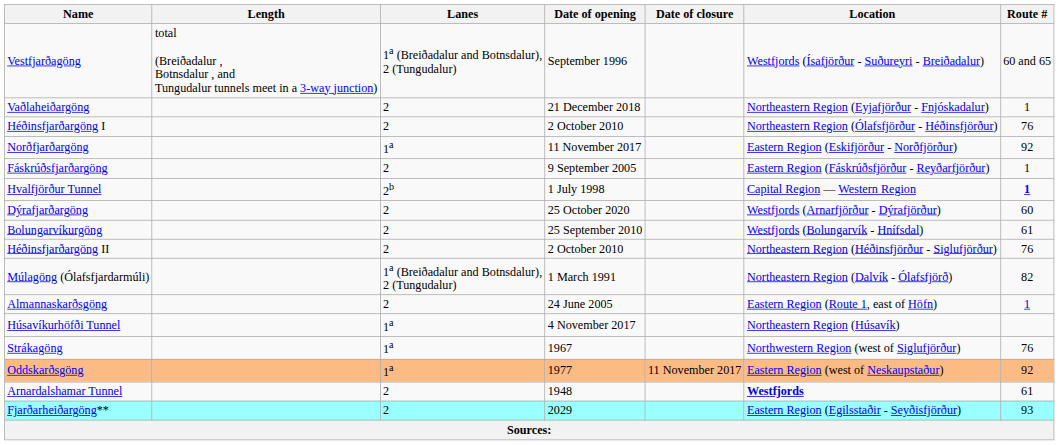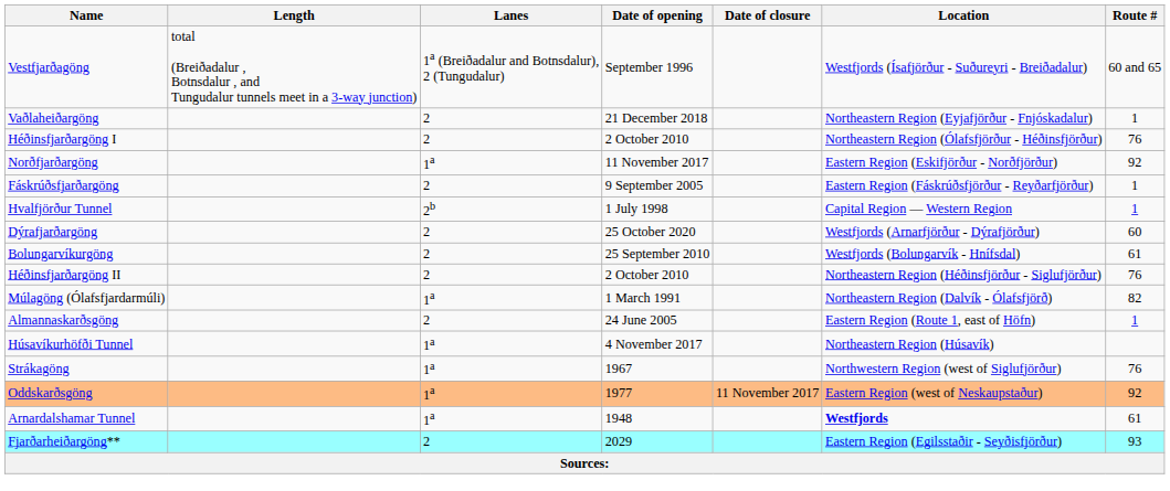 <table class="wikitable sortable">
 <tr>
 <th>Name</th>
 <th>Length</th>
 <th>Lanes</th>
 <th>Date of opening</th>
 <th>Date of closure</th>
 <th>Location</th>
 <th>Route #</th>
 </tr>
 <tr>
 <td align="left"><a href='#'>Vestfjarðagöng</a></td>
 <td> total<br><br>(Breiðadalur ,<br> Botnsdalur , and<br> Tungudalur  tunnels meet in a <a href='#'>3-way junction</a>)</td>
 <td>1<sup>a</sup> (Breiðadalur and Botnsdalur),<br>2 (Tungudalur)</td>
 <td>September 1996</td>
 <td></td>
 <td><a href='#'>Westfjords</a> (<a href='#'>Ísafjörður</a> - <a href='#'>Suðureyri</a> - <a href='#'>Breiðadalur</a>)</td>
 <td align="center">60 and 65</td>
 </tr>
 <tr>
 <td align="left"><a href='#'>Vaðlaheiðargöng</a></td>
 <td></td>
 <td>2</td>
 <td>21 December 2018</td>
 <td></td>
 <td><a href='#'>Northeastern Region</a> (<a href='#'>Eyjafjörður</a> - <a href='#'>Fnjóskadalur</a>)</td>
 <td align="center">1</td>
 </tr>
 <tr>
 <td><a href='#'>Héðinsfjarðargöng</a> I</td>
 <td></td>
 <td>2</td>
 <td>2 October 2010</td>
 <td></td>
 <td><a href='#'>Northeastern Region</a> (<a href='#'>Ólafsfjörður</a> - <a href='#'>Héðinsfjörður</a>)</td>
 <td align="center">76</td>
 </tr>
 <tr>
 <td align="left"><a href='#'>Norðfjarðargöng</a></td>
 <td></td>
 <td>1<sup>a</sup></td>
 <td>11 November 2017</td>
 <td></td>
 <td><a href='#'>Eastern Region</a> (<a href='#'>Eskifjörður</a> - <a href='#'>Norðfjörður</a>)</td>
 <td align="center">92</td>
 </tr>
 <tr>
 <td align="left"><a href='#'>Fáskrúðsfjarðargöng</a></td>
 <td></td>
 <td>2</td>
 <td>9 September 2005</td>
 <td></td>
 <td><a href='#'>Eastern Region</a> (<a href='#'>Fáskrúðsfjörður</a> - <a href='#'>Reyðarfjörður</a>)</td>
 <td align="center">1</td>
 </tr>
 <tr>
 <td align="left"><a href='#'>Hvalfjörður Tunnel</a></td>
 <td></td>
 <td>2<sup>b</sup></td>
 <td>1 July 1998</td>
 <td></td>
 <td><a href='#'>Capital Region</a> — <a href='#'>Western Region</a></td>
-<td align="center"><strong><a href='#'>1</a></strong></td>
+<td align="center"><a href='#'>1</a></td>
 </tr>
 <tr>
 <td align="left"><a href='#'>Dýrafjarðargöng</a></td>
 <td></td>
 <td>2</td>
 <td>25 October 2020</td>
 <td></td>
 <td><a href='#'>Westfjords</a> (<a href='#'>Arnarfjörður</a> - <a href='#'>Dýrafjörður</a>)</td>
 <td align="center">60</td>
 </tr>
 <tr>
 <td align="left"><a href='#'>Bolungarvíkurgöng</a></td>
 <td></td>
 <td>2</td>
 <td>25 September 2010</td>
 <td></td>
 <td><a href='#'>Westfjords</a> (<a href='#'>Bolungarvík</a> - <a href='#'>Hnífsdal</a>)</td>
 <td align ="center">61</td>
 </tr>
 <tr>
 <td align="left"><a href='#'>Héðinsfjarðargöng</a> II</td>
 <td></td>
 <td>2</td>
 <td>2 October 2010</td>
 <td></td>
 <td><a href='#'>Northeastern Region</a> (<a href='#'>Héðinsfjörður</a> - <a href='#'>Siglufjörður</a>)</td>
 <td align="center">76</td>
 </tr>
 <tr>
 <td align="left"><a href='#'>Múlagöng</a> (Ólafsfjardarmúli)</td>
 <td></td>
-<td>1<sup>a</sup> (Breiðadalur and Botnsdalur),<br>2 (Tungudalur)</td>
+<td>1<sup>a</sup></td>
 <td>1 March 1991</td>
 <td></td>
 <td><a href='#'>Northeastern Region</a> (<a href='#'>Dalvík</a> - <a href='#'>Ólafsfjörð</a>)</td>
 <td align="center">82</td>
 </tr>
 <tr>
 <td align="left"><a href='#'>Almannaskarðsgöng</a></td>
 <td></td>
 <td>2</td>
 <td>24 June 2005</td>
 <td></td>
 <td><a href='#'>Eastern Region</a> (<a href='#'>Route 1</a>, east of <a href='#'>Höfn</a>)</td>
 <td align="center"><a href='#'>1</a></td>
 </tr>
 <tr>
 <td align="left"><a href='#'>Húsavíkurhöfði Tunnel</a></td>
 <td></td>
 <td>1<sup>a</sup></td>
 <td>4 November 2017</td>
 <td></td>
 <td><a href='#'>Northeastern Region</a> (<a href='#'>Húsavík</a>)</td>
 <td align="center"></td>
 </tr>
 <tr>
 <td align="left"><a href='#'>Strákagöng</a></td>
 <td></td>
 <td>1<sup>a</sup></td>
 <td>1967</td>
 <td></td>
 <td><a href='#'>Northwestern Region</a> (west of <a href='#'>Siglufjörður</a>)</td>
 <td align="center">76</td>
 </tr>
 <tr>
 <td style="background-color: #fdbb84" align="left"><a href='#'>Oddskarðsgöng</a></td>
 <td style="background-color: #fdbb84"></td>
 <td style="background-color: #fdbb84">1<sup>a</sup></td>
 <td style="background-color: #fdbb84">1977</td>
 <td style="background-color: #fdbb84">11 November 2017</td>
 <td style="background-color: #fdbb84"><a href='#'>Eastern Region</a> (west of <a href='#'>Neskaupstaður</a>)</td>
 <td style="background-color: #fdbb84" align="center">92</td>
 </tr>
 <tr>
 <td align="left"><a href='#'>Arnardalshamar Tunnel</a></td>
 <td></td>
-<td>2</td>
+<td>1<sup>a</sup></td>
 <td>1948</td>
 <td></td>
 <td><strong><a href='#'>Westfjords</a></strong></td>
 <td align="center">61</td>
 </tr>
 <tr>
 <td style="background-color: #99FFFF" align="left"><a href='#'>Fjarðarheiðargöng</a>**</td>
 <td style="background-color: #99FFFF"></td>
 <td style="background-color: #99FFFF">2</td>
 <td style="background-color: #99FFFF">2029</td>
 <td style="background-color: #99FFFF"></td>
 <td style="background-color: #99FFFF"><a href='#'>Eastern Region</a> (<a href='#'>Egilsstaðir</a> - <a href='#'>Seyðisfjörður</a>)</td>
 <td style="background-color: #99FFFF" align="center">93</td>
 </tr>
 <tr>
 <th colspan="9">Sources:</th>
 </tr>
 </table>
